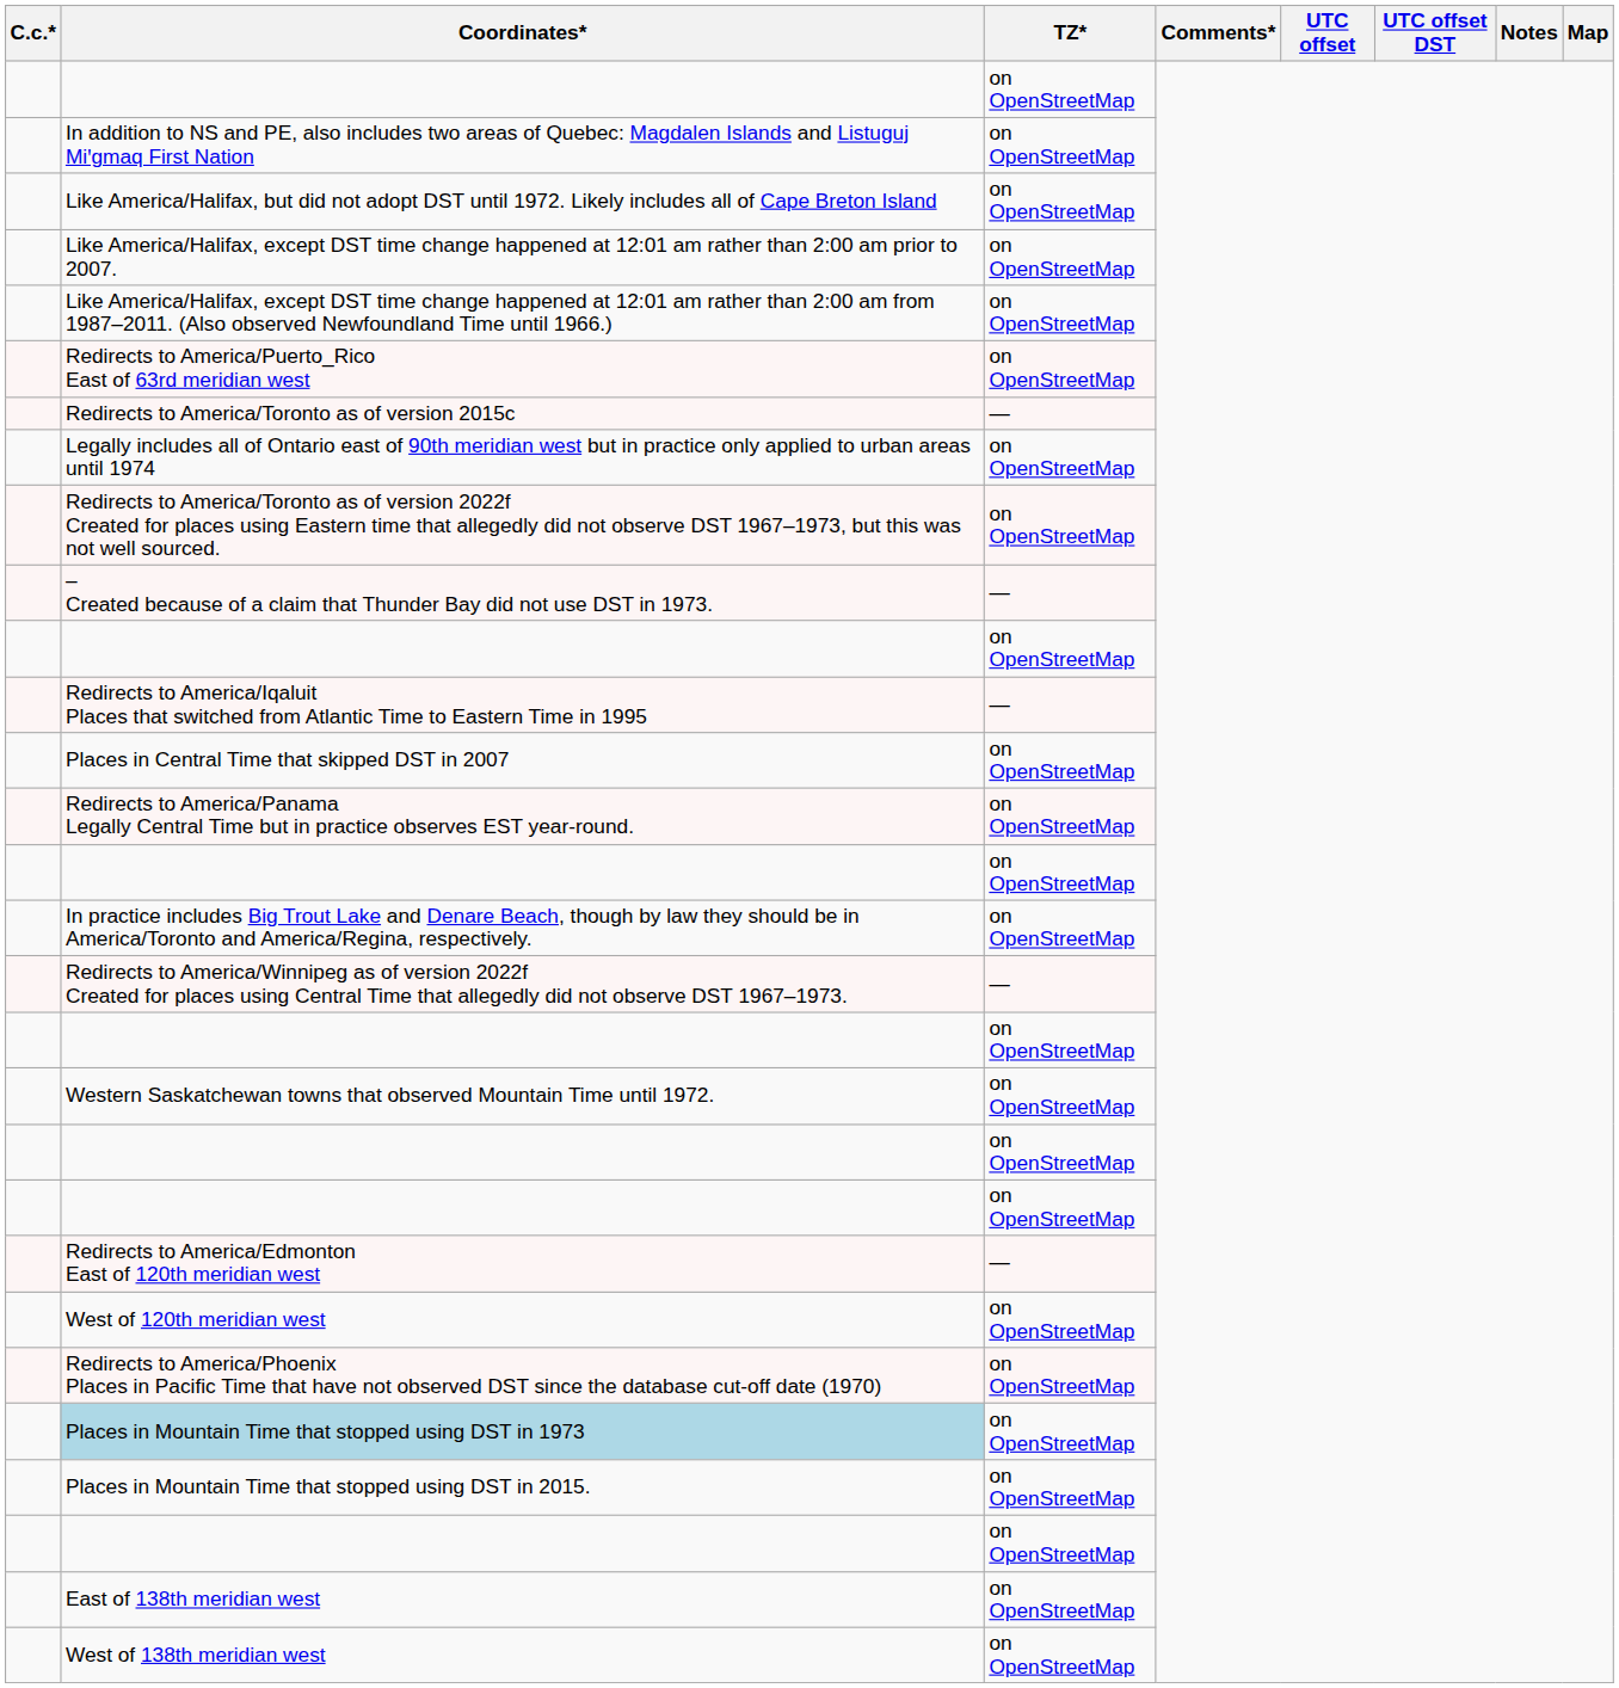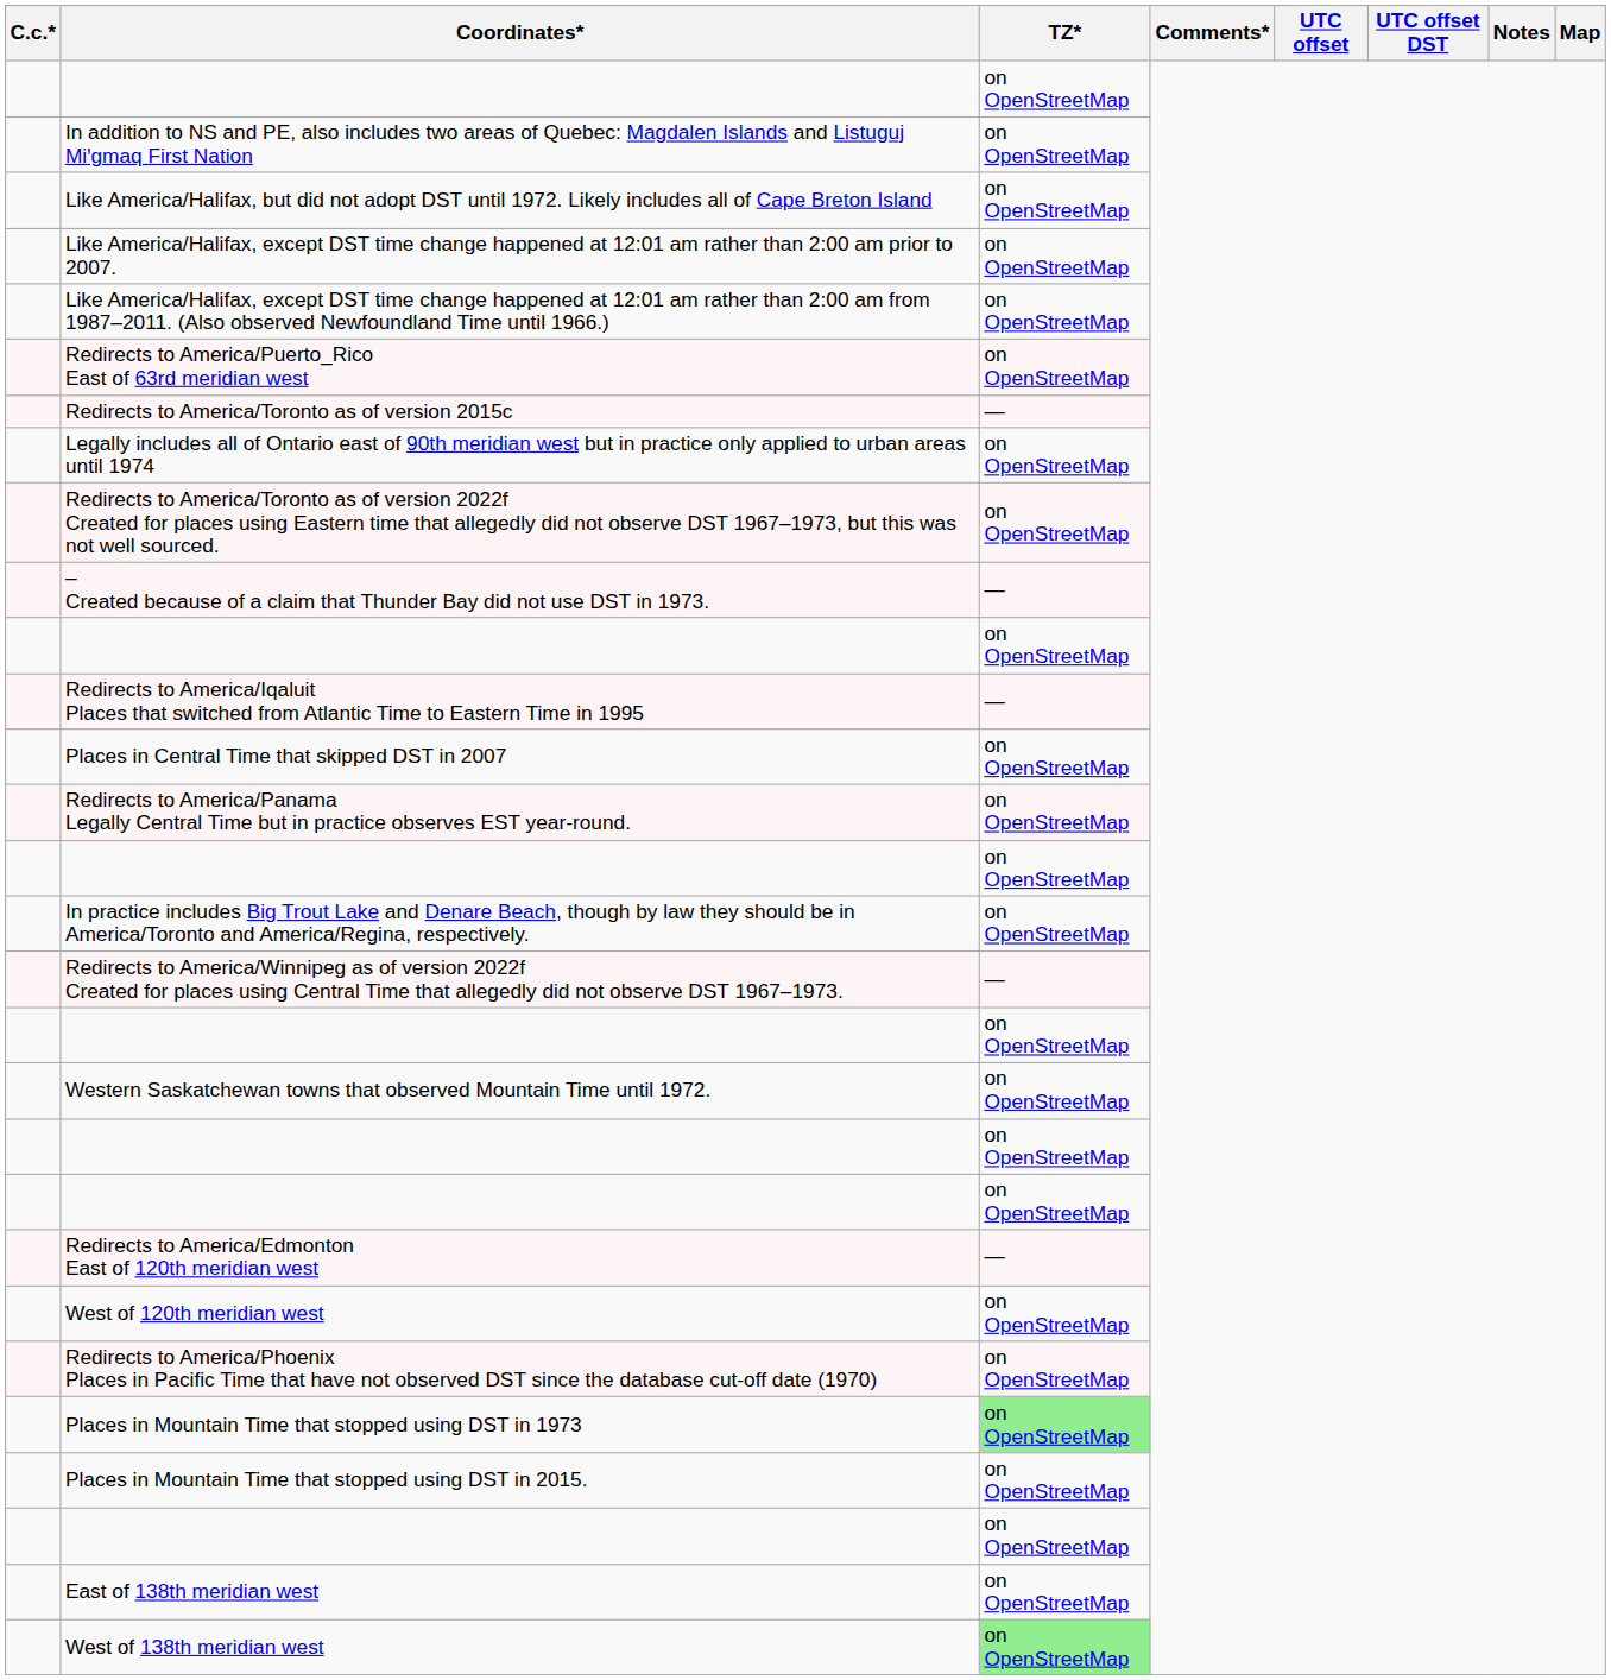 <table class="wikitable sortable sticky-header">
 <tr>
 <th>C.c.*</th>
 <th>Coordinates*</th>
 <th>TZ*</th>
 <th>Comments*</th>
 <th><a href='#'>UTC offset</a></th>
 <th><a href='#'>UTC offset DST</a></th>
 <th>Notes</th>
 <th>Map</th>
 </tr>
 <tr --->
 <td></td>
 <td></td>
 <td> on <a href='#'>OpenStreetMap</a></td>
 </tr>
 <tr --->
 <td></td>
 <td>In addition to NS and PE, also includes two areas of Quebec: <a href='#'>Magdalen Islands</a> and <a href='#'>Listuguj Miꞌgmaq First Nation</a></td>
 <td> on <a href='#'>OpenStreetMap</a></td>
 </tr>
 <tr --->
 <td></td>
 <td>Like America/Halifax, but did not adopt DST until 1972. Likely includes all of <a href='#'>Cape Breton Island</a></td>
 <td> on <a href='#'>OpenStreetMap</a></td>
 </tr>
 <tr --->
 <td></td>
 <td>Like America/Halifax, except DST time change happened at 12:01 am rather than 2:00 am prior to 2007.</td>
 <td> on <a href='#'>OpenStreetMap</a></td>
 </tr>
 <tr --->
 <td></td>
 <td>Like America/Halifax, except DST time change happened at 12:01 am rather than 2:00 am from 1987–2011. (Also observed Newfoundland Time until 1966.)</td>
 <td> on <a href='#'>OpenStreetMap</a></td>
 </tr>
 <tr style="background-color:#fdf5f5;">
 <td></td>
 <td>Redirects to America/Puerto_Rico<br>East of <a href='#'>63rd meridian west</a></td>
 <td> on <a href='#'>OpenStreetMap</a></td>
 </tr>
 <tr style="background-color:#fdf5f5;">
 <td></td>
 <td>Redirects to America/Toronto as of version 2015c</td>
 <td>—</td>
 </tr>
 <tr --->
 <td></td>
 <td>Legally includes all of Ontario east of <a href='#'>90th meridian west</a> but in practice only applied to urban areas until 1974</td>
 <td> on <a href='#'>OpenStreetMap</a></td>
 </tr>
 <tr style="background-color:#fdf5f5;">
 <td></td>
 <td>Redirects to America/Toronto as of version 2022f<br>Created for places using Eastern time that allegedly did not observe DST 1967–1973, but this was not well sourced.</td>
 <td> on <a href='#'>OpenStreetMap</a></td>
 </tr>
 <tr style="background-color:#fdf5f5;">
 <td></td>
 <td>–<br>Created because of a claim that Thunder Bay did not use DST in 1973.</td>
 <td>—</td>
 </tr>
 <tr --->
 <td></td>
 <td></td>
 <td> on <a href='#'>OpenStreetMap</a></td>
 </tr>
 <tr style="background-color:#fdf5f5;">
 <td></td>
 <td>Redirects to America/Iqaluit<br>Places that switched from Atlantic Time to Eastern Time in 1995</td>
 <td>—</td>
 </tr>
 <tr --->
 <td></td>
 <td>Places in Central Time that skipped DST in 2007</td>
 <td> on <a href='#'>OpenStreetMap</a></td>
 </tr>
 <tr style="background-color:#fdf5f5;">
 <td></td>
 <td>Redirects to America/Panama<br>Legally Central Time but in practice observes EST year-round.</td>
 <td> on <a href='#'>OpenStreetMap</a></td>
 </tr>
 <tr --->
 <td></td>
 <td></td>
 <td> on <a href='#'>OpenStreetMap</a></td>
 </tr>
 <tr --->
 <td></td>
 <td>In practice includes <a href='#'>Big Trout Lake</a> and <a href='#'>Denare Beach</a>, though by law they should be in America/Toronto and America/Regina, respectively.</td>
 <td> on <a href='#'>OpenStreetMap</a></td>
 </tr>
 <tr style="background-color:#fdf5f5;">
 <td></td>
 <td>Redirects to America/Winnipeg as of version 2022f<br>Created for places using Central Time that allegedly did not observe DST 1967–1973.</td>
 <td>—</td>
 </tr>
 <tr --->
 <td></td>
 <td></td>
 <td> on <a href='#'>OpenStreetMap</a></td>
 </tr>
 <tr --->
 <td></td>
 <td>Western Saskatchewan towns that observed Mountain Time until 1972.</td>
 <td> on <a href='#'>OpenStreetMap</a></td>
 </tr>
 <tr --->
 <td></td>
 <td></td>
 <td> on <a href='#'>OpenStreetMap</a></td>
 </tr>
 <tr --->
 <td></td>
 <td></td>
 <td> on <a href='#'>OpenStreetMap</a></td>
 </tr>
 <tr style="background-color:#fdf5f5;">
 <td></td>
 <td>Redirects to America/Edmonton<br>East of <a href='#'>120th meridian west</a></td>
 <td>—</td>
 </tr>
 <tr --->
 <td></td>
 <td>West of <a href='#'>120th meridian west</a></td>
 <td> on <a href='#'>OpenStreetMap</a></td>
 </tr>
 <tr style="background-color:#fdf5f5;">
 <td></td>
 <td>Redirects to America/Phoenix<br>Places in Pacific Time that have not observed DST since the database cut-off date (1970)</td>
 <td> on <a href='#'>OpenStreetMap</a></td>
 </tr>
 <tr --->
 <td></td>
-<td style="background: lightblue;">Places in Mountain Time that stopped using DST in 1973</td>
-<td> on <a href='#'>OpenStreetMap</a></td>
+<td>Places in Mountain Time that stopped using DST in 1973</td>
+<td style="background: lightgreen;"> on <a href='#'>OpenStreetMap</a></td>
 </tr>
 <tr --->
 <td></td>
 <td>Places in Mountain Time that stopped using DST in 2015.</td>
 <td> on <a href='#'>OpenStreetMap</a></td>
 </tr>
 <tr --->
 <td></td>
 <td></td>
 <td> on <a href='#'>OpenStreetMap</a></td>
 </tr>
 <tr --->
 <td></td>
 <td>East of <a href='#'>138th meridian west</a></td>
 <td> on <a href='#'>OpenStreetMap</a></td>
 </tr>
 <tr --->
 <td></td>
 <td>West of <a href='#'>138th meridian west</a></td>
-<td> on <a href='#'>OpenStreetMap</a></td>
+<td style="background: lightgreen;"> on <a href='#'>OpenStreetMap</a></td>
 </tr>
 </table>
